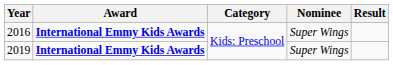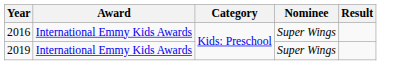 <table class="wikitable">
 <tr>
 <th>Year</th>
 <th>Award</th>
 <th>Category</th>
 <th>Nominee</th>
 <th>Result</th>
 </tr>
 <tr>
 <td>2016</td>
-<td><strong><a href='#'>International Emmy Kids Awards</a></strong></td>
+<td><a href='#'>International Emmy Kids Awards</a></td>
 <td rowspan="2"><a href='#'>Kids: Preschool</a></td>
 <td><em>Super Wings</em></td>
 <td></td>
 </tr>
 <tr>
 <td>2019</td>
-<td><strong><a href='#'>International Emmy Kids Awards</a></strong></td>
+<td><a href='#'>International Emmy Kids Awards</a></td>
 <td><em>Super Wings</em></td>
 <td></td>
 </tr>
 </table>
